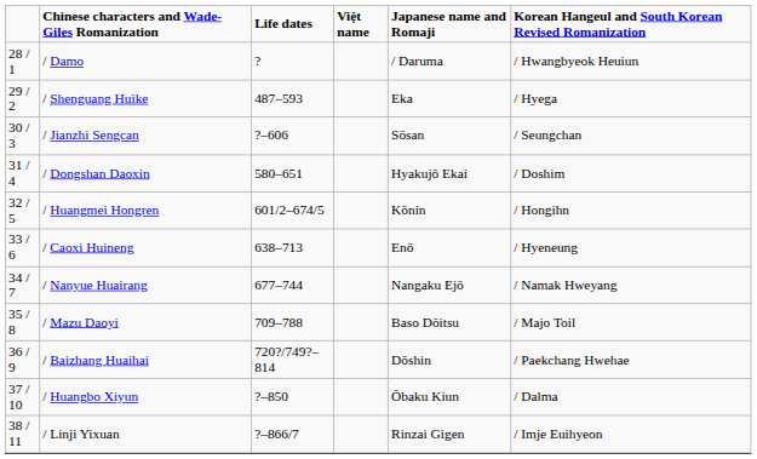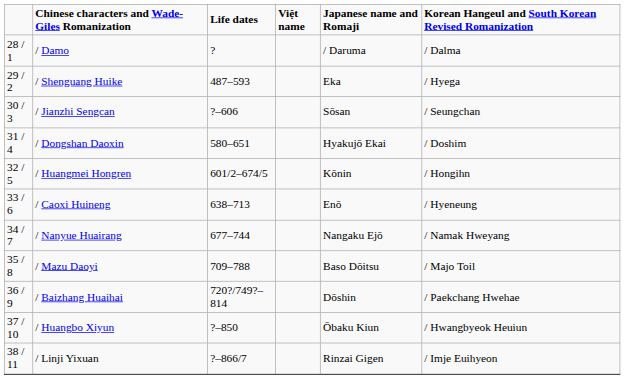 <table class="wikitable sortable" style="border:1px solid black">
 <tr>
 <td></td>
 <td><strong>Chinese characters and <a href='#'>Wade-Giles</a> Romanization</strong></td>
 <td><strong>Life dates</strong></td>
 <td><strong>Việt name</strong></td>
 <td><strong>Japanese name and Romaji</strong></td>
 <td><strong>Korean Hangeul and <a href='#'>South Korean Revised Romanization</a></strong></td>
 </tr>
 <tr>
 <td>28 / 1</td>
 <td> / <a href='#'>Damo</a></td>
 <td>?</td>
 <td></td>
 <td> / Daruma</td>
-<td> / Hwangbyeok Heuiun</td>
+<td> / Dalma</td>
 </tr>
 <tr>
 <td>29 / 2</td>
 <td> / <a href='#'>Shenguang Huìke</a></td>
 <td>487–593</td>
 <td></td>
 <td>Eka</td>
 <td> / Hyega</td>
 </tr>
 <tr>
 <td>30 / 3</td>
 <td> / <a href='#'>Jianzhi Sengcan</a></td>
 <td>?–606</td>
 <td></td>
 <td>Sōsan</td>
 <td> / Seungchan</td>
 </tr>
 <tr>
 <td>31 / 4</td>
 <td> / <a href='#'>Dongshan Daoxin</a></td>
 <td>580–651</td>
 <td></td>
 <td>Hyakujō Ekai</td>
 <td> / Doshim</td>
 </tr>
 <tr>
 <td>32 / 5</td>
 <td> / <a href='#'>Huangmei Hongren</a></td>
 <td>601/2–674/5</td>
 <td></td>
 <td>Kōnin</td>
 <td> / Hongihn</td>
 </tr>
 <tr>
 <td>33 / 6</td>
 <td> / <a href='#'>Caoxi Huineng</a></td>
 <td>638–713</td>
 <td></td>
 <td>Enō</td>
 <td> / Hyeneung</td>
 </tr>
 <tr>
 <td>34 / 7</td>
 <td> / <a href='#'>Nanyue Huairang</a></td>
 <td>677–744</td>
 <td></td>
 <td>Nangaku Ejō</td>
 <td> / Namak Hweyang</td>
 </tr>
 <tr>
 <td>35 / 8</td>
 <td> / <a href='#'>Mazu Daoyi</a></td>
 <td>709–788</td>
 <td></td>
 <td>Baso Dōitsu</td>
 <td> / Majo Toil</td>
 </tr>
 <tr>
 <td>36 / 9</td>
 <td> / <a href='#'>Baizhang Huaihai</a></td>
 <td>720?/749?–814</td>
 <td></td>
 <td>Dōshin</td>
 <td> / Paekchang Hwehae</td>
 </tr>
 <tr>
 <td>37 / 10</td>
 <td> / <a href='#'>Huangbo Xiyun</a></td>
 <td>?–850</td>
 <td></td>
 <td>Ōbaku Kiun</td>
-<td> / Dalma</td>
+<td> / Hwangbyeok Heuiun</td>
 </tr>
 <tr>
 <td>38 / 11</td>
 <td> / Linji Yixuan</td>
 <td>?–866/7</td>
 <td></td>
 <td>Rinzai Gigen</td>
 <td> / Imje Euihyeon</td>
 </tr>
 <tr>
 </tr>
 </table>
